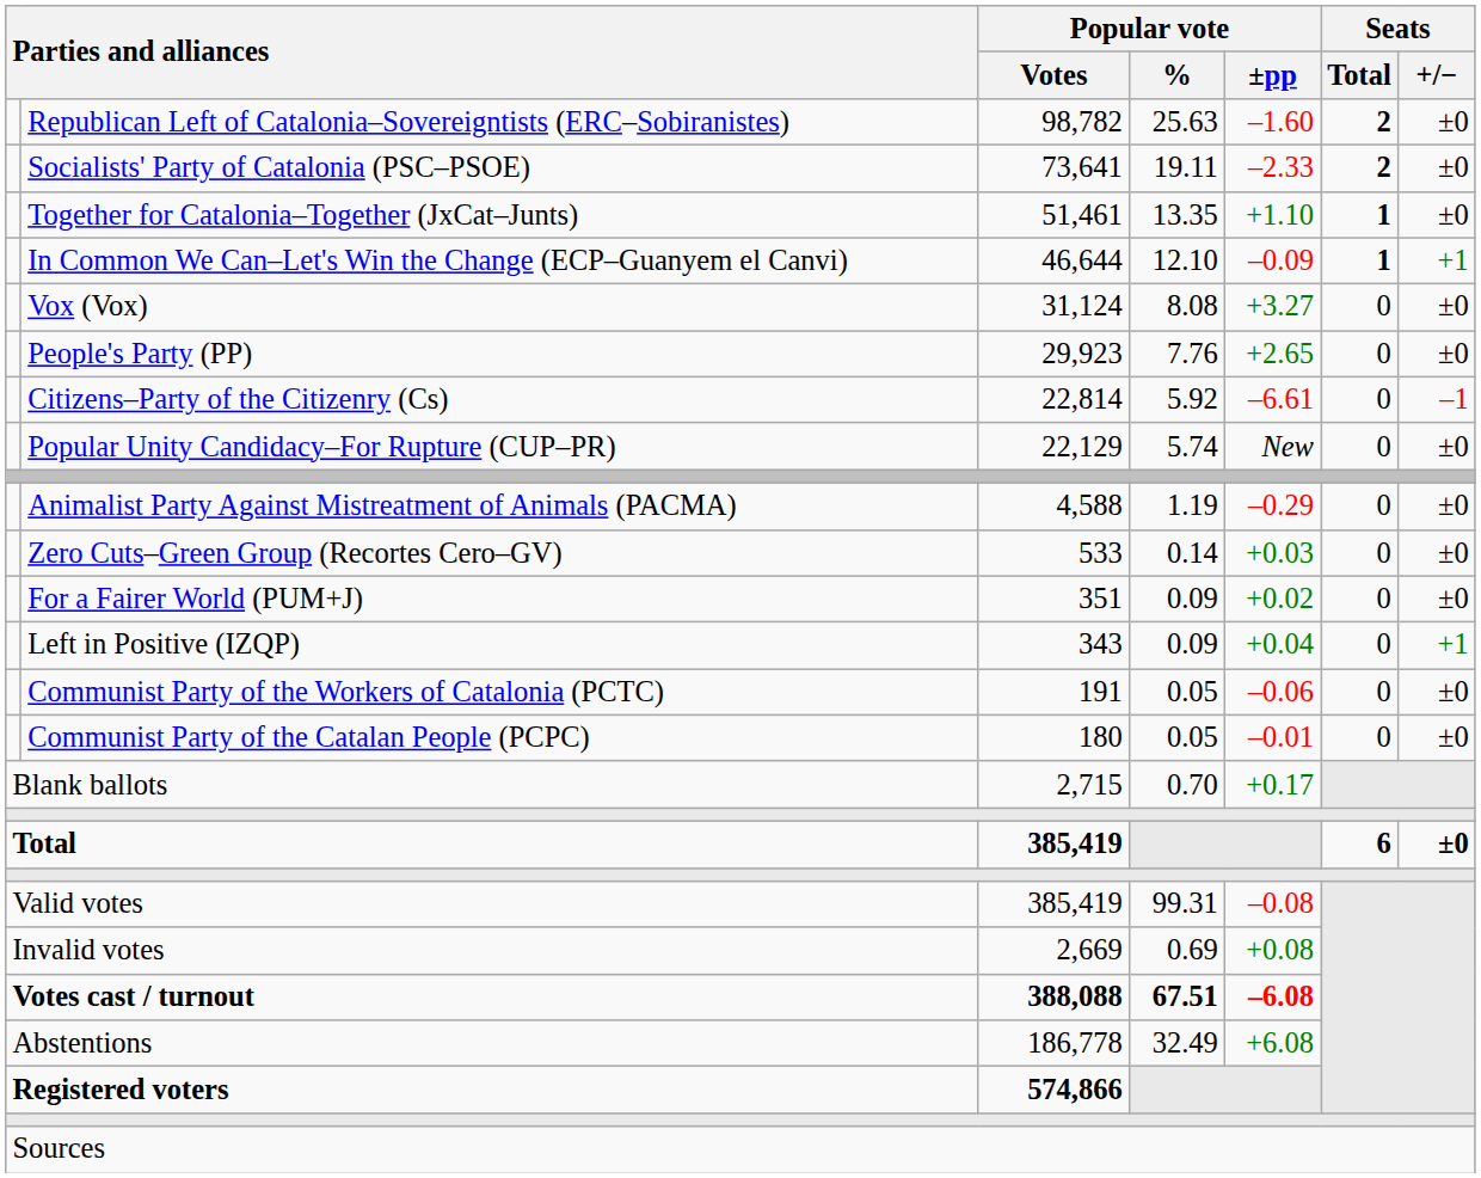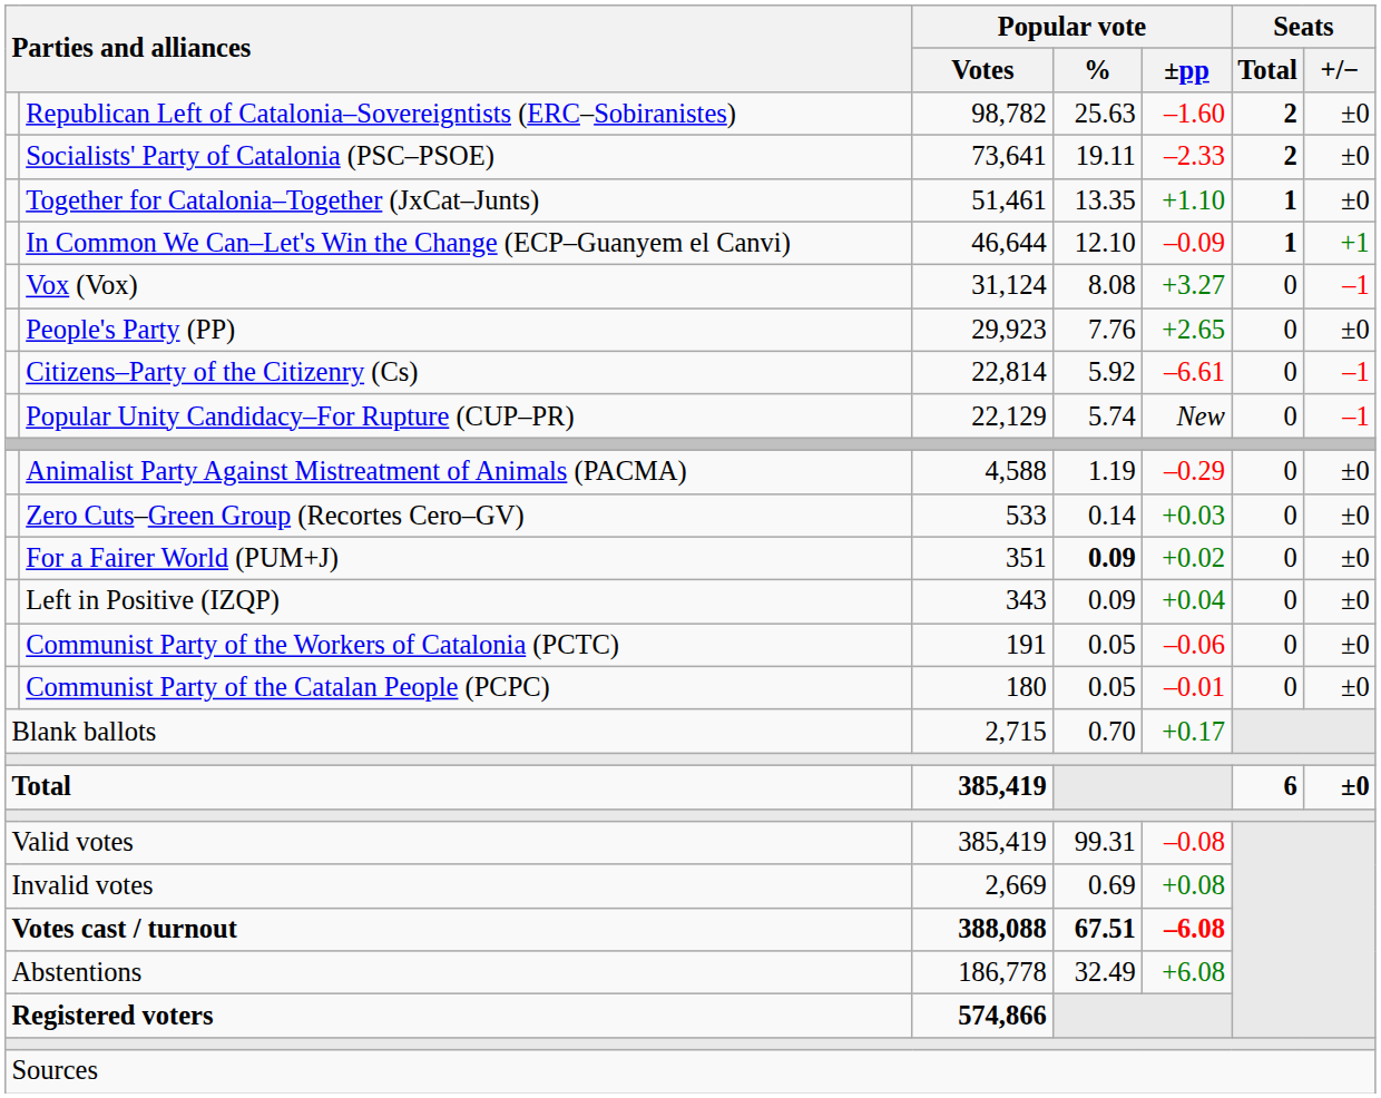 <table class="wikitable" style="text-align:right;">
 <tr>
 <th style="text-align:left;" rowspan="2" colspan="2" width="525">Parties and alliances</th>
 <th colspan="3">Popular vote</th>
 <th colspan="2">Seats</th>
 </tr>
 <tr>
 <th width="75">Votes</th>
 <th width="45">%</th>
 <th width="45">±<a href='#'>pp</a></th>
 <th width="35">Total</th>
 <th width="35">+/−</th>
 </tr>
 <tr>
 <td width="1" style="color:inherit;background:"></td>
 <td align="left"><a href='#'>Republican Left of Catalonia–Sovereigntists</a> (<a href='#'>ERC</a>–<a href='#'>Sobiranistes</a>)</td>
 <td>98,782</td>
 <td>25.63</td>
 <td style="color:red;">–1.60</td>
 <td><strong>2</strong></td>
 <td>±0</td>
 </tr>
 <tr>
 <td style="color:inherit;background:"></td>
 <td align="left"><a href='#'>Socialists' Party of Catalonia</a> (PSC–PSOE)</td>
 <td>73,641</td>
 <td>19.11</td>
 <td style="color:red;">–2.33</td>
 <td><strong>2</strong></td>
 <td>±0</td>
 </tr>
 <tr>
 <td style="color:inherit;background:"></td>
 <td align="left"><a href='#'>Together for Catalonia–Together</a> (JxCat–Junts)</td>
 <td>51,461</td>
 <td>13.35</td>
 <td style="color:green;">+1.10</td>
 <td><strong>1</strong></td>
 <td>±0</td>
 </tr>
 <tr>
 <td style="color:inherit;background:"></td>
 <td align="left"><a href='#'>In Common We Can–Let's Win the Change</a> (ECP–Guanyem el Canvi)</td>
 <td>46,644</td>
 <td>12.10</td>
 <td style="color:red;">–0.09</td>
 <td><strong>1</strong></td>
 <td style="color:green;">+1</td>
 </tr>
 <tr>
 <td style="color:inherit;background:"></td>
 <td align="left"><a href='#'>Vox</a> (Vox)</td>
 <td>31,124</td>
 <td>8.08</td>
 <td style="color:green;">+3.27</td>
 <td>0</td>
-<td>±0</td>
+<td style="color:red;">–1</td>
 </tr>
 <tr>
 <td style="color:inherit;background:"></td>
 <td align="left"><a href='#'>People's Party</a> (PP)</td>
 <td>29,923</td>
 <td>7.76</td>
 <td style="color:green;">+2.65</td>
 <td>0</td>
 <td>±0</td>
 </tr>
 <tr>
 <td style="color:inherit;background:"></td>
 <td align="left"><a href='#'>Citizens–Party of the Citizenry</a> (Cs)</td>
 <td>22,814</td>
 <td>5.92</td>
 <td style="color:red;">–6.61</td>
 <td>0</td>
 <td style="color:red;">–1</td>
 </tr>
 <tr>
 <td style="color:inherit;background:"></td>
 <td align="left"><a href='#'>Popular Unity Candidacy–For Rupture</a> (CUP–PR)</td>
 <td>22,129</td>
 <td>5.74</td>
 <td><em>New</em></td>
 <td>0</td>
-<td>±0</td>
+<td style="color:red;">–1</td>
 </tr>
 <tr>
 <td colspan="7" bgcolor="#C0C0C0"></td>
 </tr>
 <tr>
 <td style="color:inherit;background:"></td>
 <td align="left"><a href='#'>Animalist Party Against Mistreatment of Animals</a> (PACMA)</td>
 <td>4,588</td>
 <td>1.19</td>
 <td style="color:red;">–0.29</td>
 <td>0</td>
 <td>±0</td>
 </tr>
 <tr>
 <td style="color:inherit;background:"></td>
 <td align="left"><a href='#'>Zero Cuts</a>–<a href='#'>Green Group</a> (Recortes Cero–GV)</td>
 <td>533</td>
 <td>0.14</td>
 <td style="color:green;">+0.03</td>
 <td>0</td>
 <td>±0</td>
 </tr>
 <tr>
 <td style="color:inherit;background:"></td>
 <td align="left"><a href='#'>For a Fairer World</a> (PUM+J)</td>
 <td>351</td>
-<td>0.09</td>
+<td><strong>0.09</strong></td>
 <td style="color:green;">+0.02</td>
 <td>0</td>
 <td>±0</td>
 </tr>
 <tr>
 <td style="color:inherit;background:"></td>
 <td align="left">Left in Positive (IZQP)</td>
 <td>343</td>
 <td>0.09</td>
 <td style="color:green;">+0.04</td>
 <td>0</td>
-<td style="color:green;">+1</td>
+<td>±0</td>
 </tr>
 <tr>
 <td style="color:inherit;background:"></td>
 <td align="left"><a href='#'>Communist Party of the Workers of Catalonia</a> (PCTC)</td>
 <td>191</td>
 <td>0.05</td>
 <td style="color:red;">–0.06</td>
 <td>0</td>
 <td>±0</td>
 </tr>
 <tr>
 <td style="color:inherit;background:"></td>
 <td align="left"><a href='#'>Communist Party of the Catalan People</a> (PCPC)</td>
 <td>180</td>
 <td>0.05</td>
 <td style="color:red;">–0.01</td>
 <td>0</td>
 <td>±0</td>
 </tr>
 <tr>
 <td align="left" colspan="2">Blank ballots</td>
 <td>2,715</td>
 <td>0.70</td>
 <td style="color:green;">+0.17</td>
 <td bgcolor="#E9E9E9" colspan="2"></td>
 </tr>
 <tr>
 <td colspan="7" bgcolor="#E9E9E9"></td>
 </tr>
 <tr style="font-weight:bold;">
 <td align="left" colspan="2">Total</td>
 <td>385,419</td>
 <td bgcolor="#E9E9E9" colspan="2"></td>
 <td>6</td>
 <td>±0</td>
 </tr>
 <tr>
 <td colspan="7" bgcolor="#E9E9E9"></td>
 </tr>
 <tr>
 <td align="left" colspan="2">Valid votes</td>
 <td>385,419</td>
 <td>99.31</td>
 <td style="color:red;">–0.08</td>
 <td bgcolor="#E9E9E9" colspan="2" rowspan="5"></td>
 </tr>
 <tr>
 <td align="left" colspan="2">Invalid votes</td>
 <td>2,669</td>
 <td>0.69</td>
 <td style="color:green;">+0.08</td>
 </tr>
 <tr style="font-weight:bold;">
 <td align="left" colspan="2">Votes cast / turnout</td>
 <td>388,088</td>
 <td>67.51</td>
 <td style="color:red;">–6.08</td>
 </tr>
 <tr>
 <td align="left" colspan="2">Abstentions</td>
 <td>186,778</td>
 <td>32.49</td>
 <td style="color:green;">+6.08</td>
 </tr>
 <tr style="font-weight:bold;">
 <td align="left" colspan="2">Registered voters</td>
 <td>574,866</td>
 <td bgcolor="#E9E9E9" colspan="2"></td>
 </tr>
 <tr>
 <td colspan="7" bgcolor="#E9E9E9"></td>
 </tr>
 <tr>
 <td align="left" colspan="7">Sources</td>
 </tr>
 </table>
